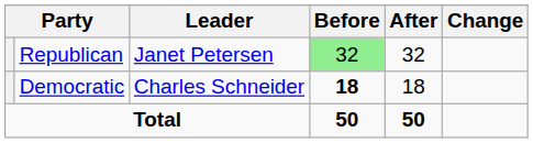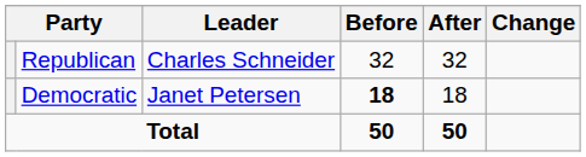 <table class="wikitable" style="text-align:center;">
 <tr>
 </tr>
 <tr>
 <th colspan=2>Party</th>
 <th>Leader</th>
 <th>Before</th>
 <th>After</th>
 <th>Change</th>
 </tr>
 <tr>
 <th style="background-color:"></th>
 <td style="text-align:left;"><a href='#'>Republican</a></td>
-<td style="text-align:left;"><a href='#'>Janet Petersen</a></td>
-<td style="background: lightgreen;">32</td>
+<td style="text-align:left;"><a href='#'>Charles Schneider</a></td>
+<td>32</td>
 <td>32</td>
 <td></td>
 </tr>
 <tr>
 <th style="background-color:"></th>
 <td style="text-align:left;"><a href='#'>Democratic</a></td>
-<td style="text-align:left;"><a href='#'>Charles Schneider</a></td>
+<td style="text-align:left;"><a href='#'>Janet Petersen</a></td>
 <td><strong>18</strong></td>
 <td>18</td>
 <td></td>
 </tr>
 <tr>
 <td colspan=3><strong>Total</strong></td>
 <td><strong>50</strong></td>
 <td><strong>50</strong></td>
 <td></td>
 </tr>
 </table>
